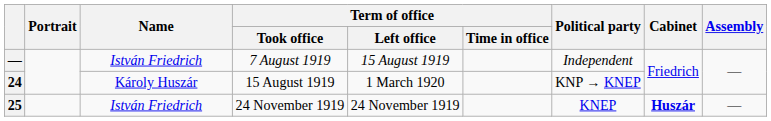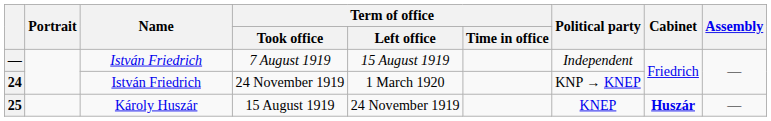 <table class="wikitable" style="text-align:center;">
 <tr>
 <th rowspan=2></th>
 <th rowspan=2>Portrait</th>
 <th width=20% rowspan=2>Name<br></th>
 <th colspan=3>Term of office</th>
 <th rowspan=2>Political party</th>
 <th rowspan=2>Cabinet</th>
 <th rowspan=2><a href='#'>Assembly</a><br></th>
 </tr>
 <tr>
 <th>Took office</th>
 <th>Left office</th>
 <th>Time in office</th>
 </tr>
 <tr>
 <th style="background:">—</th>
 <td rowspan=2></td>
 <td><em><a href='#'>István Friedrich</a></em><br></td>
 <td><em>7 August 1919</em></td>
 <td><em>15 August 1919</em></td>
 <td><em></em></td>
 <td><em>Independent</em></td>
 <td rowspan=2><a href='#'>Friedrich</a><br></td>
 <td rowspan=2>—</td>
 </tr>
 <tr>
 <th style="background:">24</th>
-<td><a href='#'>Károly Huszár</a><br></td>
-<td>15 August 1919</td>
+<td><a href='#'>István Friedrich</a><br></td>
+<td>24 November 1919</td>
 <td>1 March 1920</td>
 <td></td>
 <td>KNP → <a href='#'>KNEP</a></td>
 </tr>
 <tr>
 <th style="background:">25</th>
 <td></td>
-<td><em><a href='#'>István Friedrich</a></em><br></td>
-<td>24 November 1919</td>
+<td><a href='#'>Károly Huszár</a><br></td>
+<td>15 August 1919</td>
 <td>24 November 1919</td>
 <td></td>
 <td><a href='#'>KNEP</a></td>
 <td><strong><a href='#'>Huszár</a><br></strong></td>
 <td>—</td>
 </tr>
 </table>
